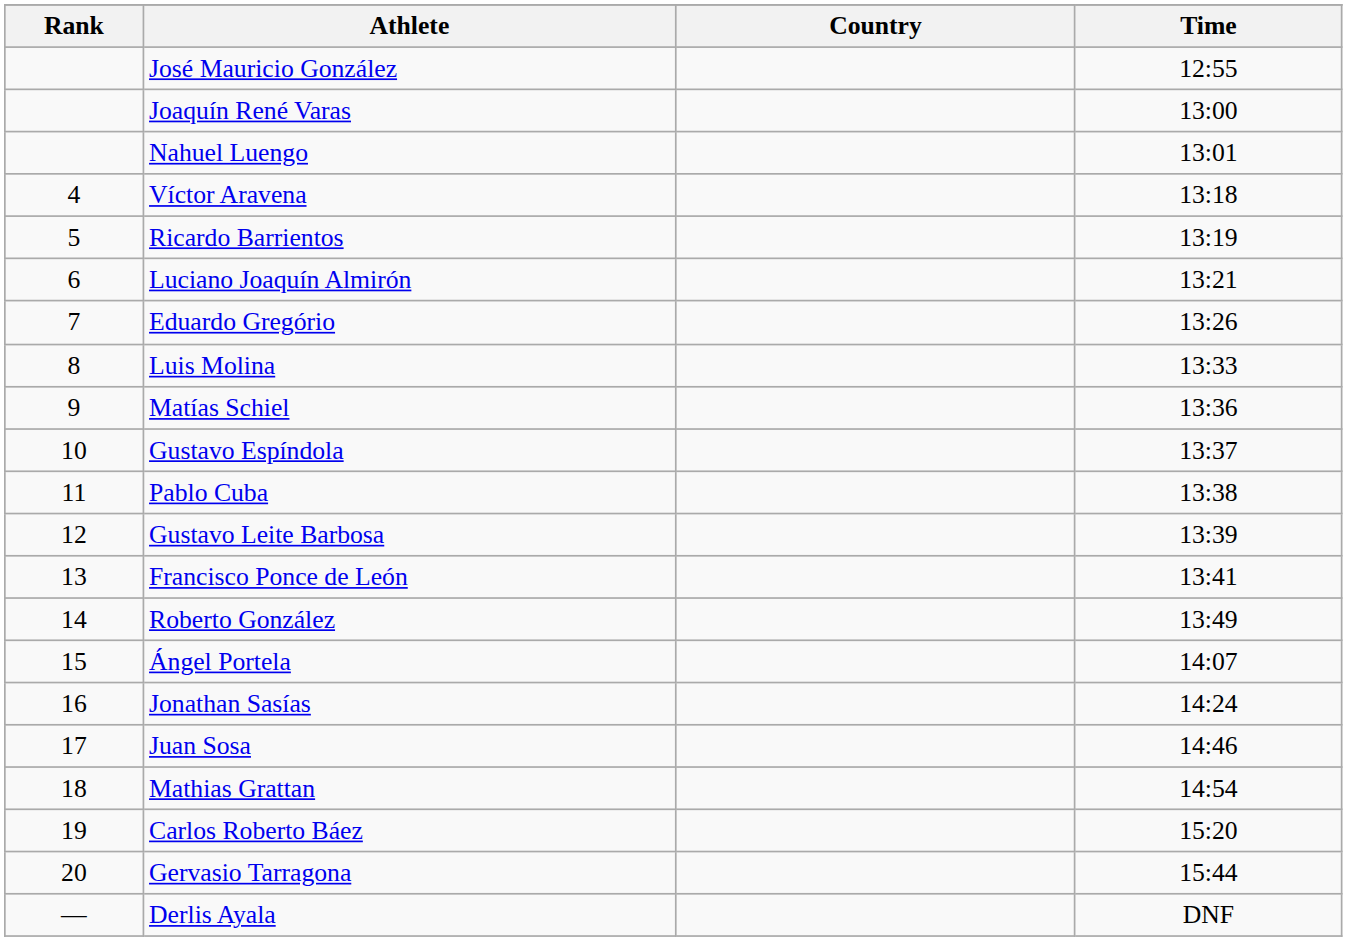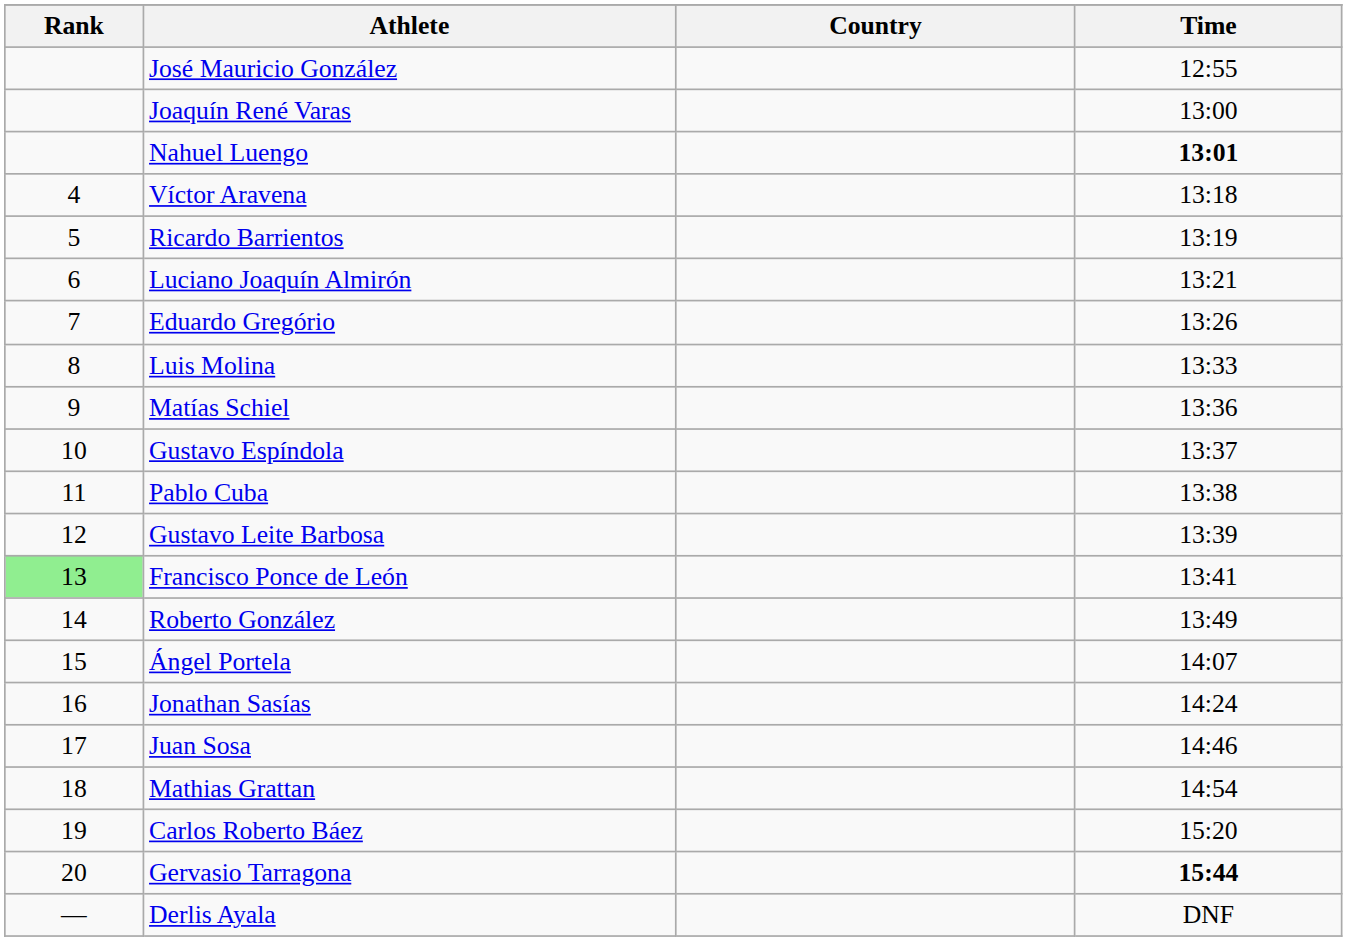 <table class="wikitable sortable" style=" text-align:center; font-size:95%;" width="50%">
 <tr>
 </tr>
 <tr>
 <th width=5%>Rank</th>
 <th width=20%>Athlete</th>
 <th width=15%>Country</th>
 <th width=10%>Time</th>
 </tr>
 <tr>
 <td align=center></td>
 <td align=left><a href='#'>José Mauricio González</a></td>
 <td align=left></td>
 <td>12:55</td>
 </tr>
 <tr>
 <td align=center></td>
 <td align=left><a href='#'>Joaquín René Varas</a></td>
 <td align=left></td>
 <td>13:00</td>
 </tr>
 <tr>
 <td align=center></td>
 <td align=left><a href='#'>Nahuel Luengo</a></td>
 <td align=left></td>
-<td>13:01</td>
+<td><strong>13:01</strong></td>
 </tr>
 <tr>
 <td align=center>4</td>
 <td align=left><a href='#'>Víctor Aravena</a></td>
 <td align=left></td>
 <td>13:18</td>
 </tr>
 <tr>
 <td align=center>5</td>
 <td align=left><a href='#'>Ricardo Barrientos</a></td>
 <td align=left></td>
 <td>13:19</td>
 </tr>
 <tr>
 <td align=center>6</td>
 <td align=left><a href='#'>Luciano Joaquín Almirón</a></td>
 <td align=left></td>
 <td>13:21</td>
 </tr>
 <tr>
 <td align=center>7</td>
 <td align=left><a href='#'>Eduardo Gregório</a></td>
 <td align=left></td>
 <td>13:26</td>
 </tr>
 <tr>
 <td align=center>8</td>
 <td align=left><a href='#'>Luis Molina</a></td>
 <td align=left></td>
 <td>13:33</td>
 </tr>
 <tr>
 <td align=center>9</td>
 <td align=left><a href='#'>Matías Schiel</a></td>
 <td align=left></td>
 <td>13:36</td>
 </tr>
 <tr>
 <td align=center>10</td>
 <td align=left><a href='#'>Gustavo Espíndola</a></td>
 <td align=left></td>
 <td>13:37</td>
 </tr>
 <tr>
 <td align=center>11</td>
 <td align=left><a href='#'>Pablo Cuba</a></td>
 <td align=left></td>
 <td>13:38</td>
 </tr>
 <tr>
 <td align=center>12</td>
 <td align=left><a href='#'>Gustavo Leite Barbosa</a></td>
 <td align=left></td>
 <td>13:39</td>
 </tr>
 <tr>
-<td align=center>13</td>
+<td align=center style="background: lightgreen;">13</td>
 <td align=left><a href='#'>Francisco Ponce de León</a></td>
 <td align=left></td>
 <td>13:41</td>
 </tr>
 <tr>
 <td align=center>14</td>
 <td align=left><a href='#'>Roberto González</a></td>
 <td align=left></td>
 <td>13:49</td>
 </tr>
 <tr>
 <td align=center>15</td>
 <td align=left><a href='#'>Ángel Portela</a></td>
 <td align=left></td>
 <td>14:07</td>
 </tr>
 <tr>
 <td align=center>16</td>
 <td align=left><a href='#'>Jonathan Sasías</a></td>
 <td align=left></td>
 <td>14:24</td>
 </tr>
 <tr>
 <td align=center>17</td>
 <td align=left><a href='#'>Juan Sosa</a></td>
 <td align=left></td>
 <td>14:46</td>
 </tr>
 <tr>
 <td align=center>18</td>
 <td align=left><a href='#'>Mathias Grattan</a></td>
 <td align=left></td>
 <td>14:54</td>
 </tr>
 <tr>
 <td align=center>19</td>
 <td align=left><a href='#'>Carlos Roberto Báez</a></td>
 <td align=left></td>
 <td>15:20</td>
 </tr>
 <tr>
 <td align=center>20</td>
 <td align=left><a href='#'>Gervasio Tarragona</a></td>
 <td align=left></td>
-<td>15:44</td>
+<td><strong>15:44</strong></td>
 </tr>
 <tr>
 <td align=center>—</td>
 <td align=left><a href='#'>Derlis Ayala</a></td>
 <td align=left></td>
 <td>DNF</td>
 </tr>
 </table>
